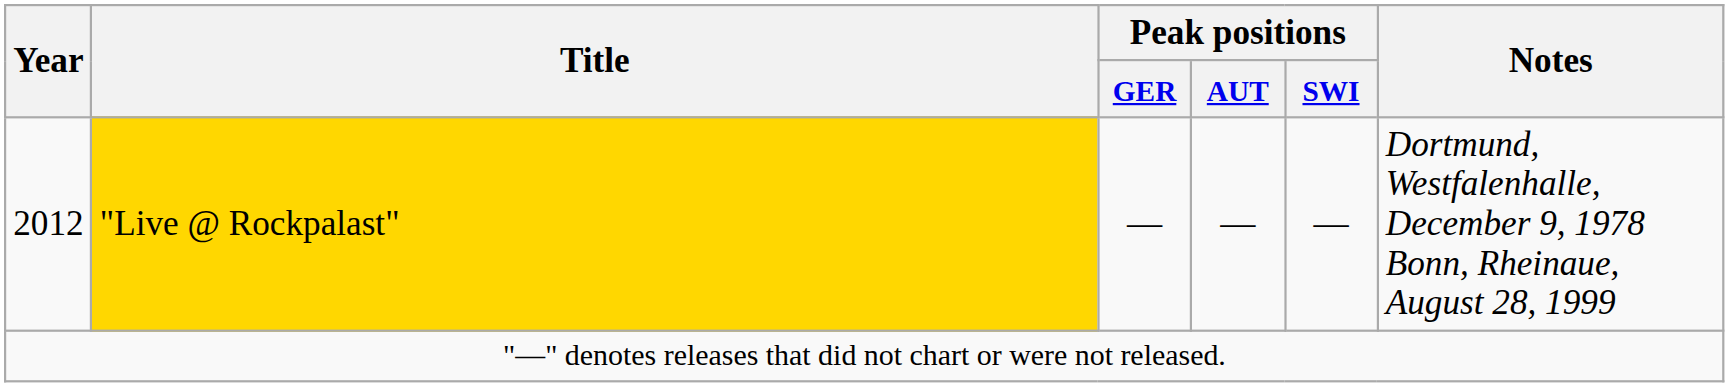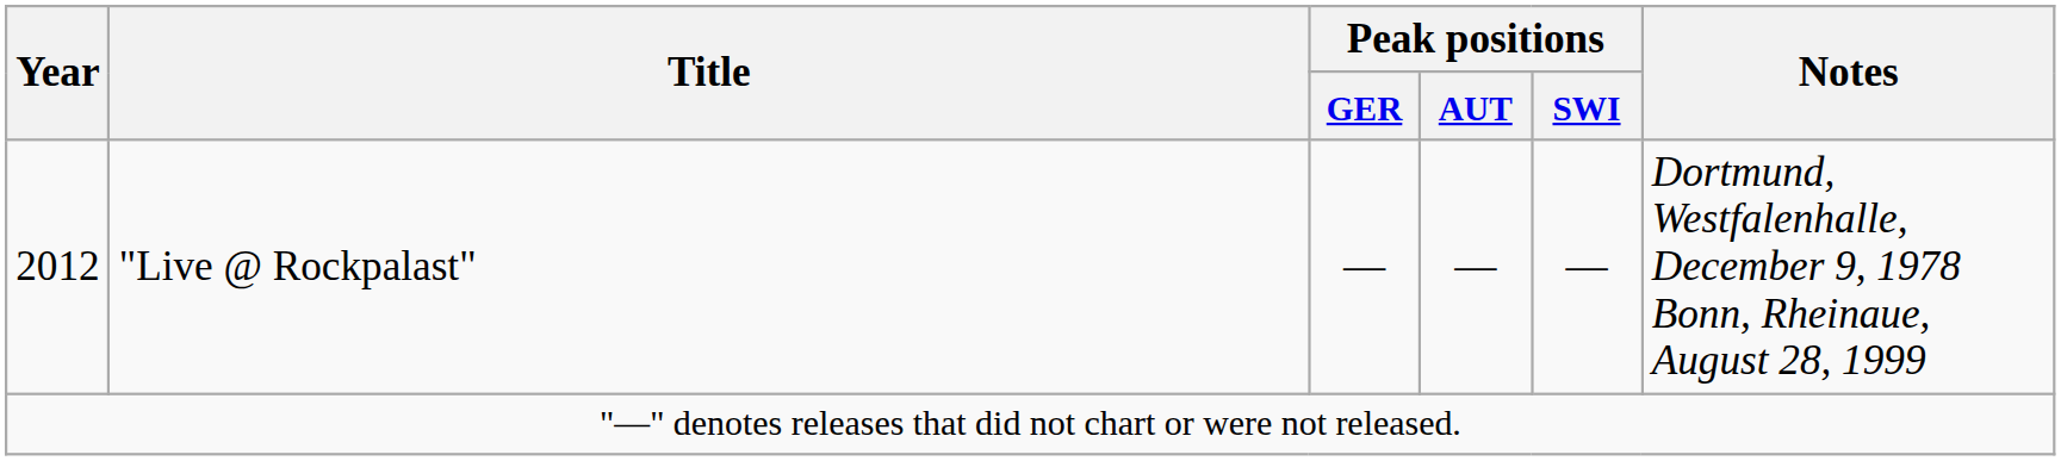 <table class="wikitable">
 <tr>
 <th rowspan="2">Year</th>
 <th rowspan="2" width="450">Title</th>
 <th colspan="3">Peak positions</th>
 <th rowspan="2" width="150">Notes</th>
 </tr>
 <tr>
 <th width="35"><small><a href='#'>GER</a></small></th>
 <th width="35"><small><a href='#'>AUT</a></small></th>
 <th width="35"><small><a href='#'>SWI</a></small></th>
 </tr>
 <tr>
 <td align="left" rowspan="1">2012</td>
-<td align="left" valign="middle" style="background: gold;">"Live @ Rockpalast"</td>
+<td align="left" valign="middle">"Live @ Rockpalast"</td>
 <td align="center">—</td>
 <td align="center">—</td>
 <td align="center">—</td>
 <td align="left" valign="top"><em>Dortmund, Westfalenhalle, December 9, 1978 <br> Bonn, Rheinaue, August 28, 1999</em></td>
 </tr>
 <tr>
 <td align="center" colspan="8" style="font-size:85%">"—" denotes releases that did not chart or were not released.</td>
 </tr>
 </table>
